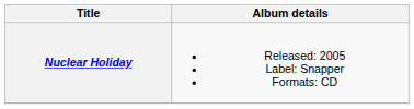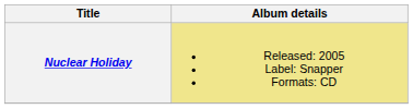 <table class="wikitable plainrowheaders" style="text-align:center;">
 <tr>
 <th scope="col" style="width:14em;">Title</th>
 <th scope="col" style="width:20em;">Album details</th>
 </tr>
 <tr>
 <th scope="row"><strong><em><a href='#'>Nuclear Holiday</a></em></strong></th>
-<td><br><ul><li>Released: 2005</li><li>Label: Snapper</li><li>Formats: CD</li></ul></td>
+<td style="background: khaki;"><br><ul><li>Released: 2005</li><li>Label: Snapper</li><li>Formats: CD</li></ul></td>
 </tr>
 <tr>
 </tr>
 </table>
